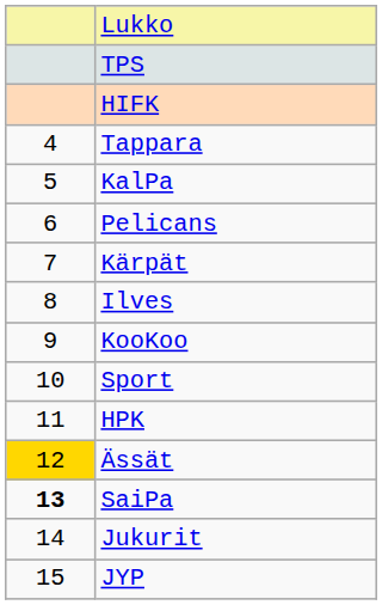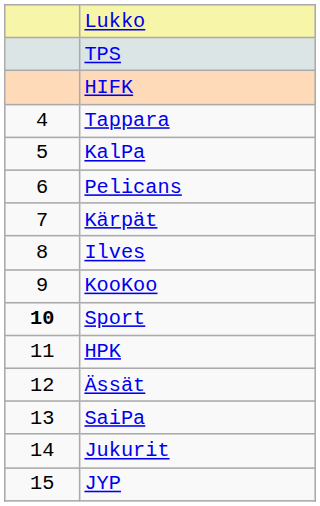 <table class="wikitable" style="width:200px;">
 <tr style="background:#F7F6A8;">
 <td align=center></td>
 <td><a href='#'>Lukko</a></td>
 </tr>
 <tr style="background:#DCE5E5;">
 <td align=center></td>
 <td><a href='#'>TPS</a></td>
 </tr>
 <tr style="background:#FFDAB9;">
 <td align=center></td>
 <td><a href='#'>HIFK</a></td>
 </tr>
 <tr>
 <td align=center>4</td>
 <td><a href='#'>Tappara</a></td>
 </tr>
 <tr>
 <td align=center>5</td>
 <td><a href='#'>KalPa</a></td>
 </tr>
 <tr>
 <td align=center>6</td>
 <td><a href='#'>Pelicans</a></td>
 </tr>
 <tr>
 <td align=center>7</td>
 <td><a href='#'>Kärpät</a></td>
 </tr>
 <tr>
 <td align=center>8</td>
 <td><a href='#'>Ilves</a></td>
 </tr>
 <tr>
 <td align=center>9</td>
 <td><a href='#'>KooKoo</a></td>
 </tr>
 <tr>
-<td align=center>10</td>
+<td align=center><strong>10</strong></td>
 <td><a href='#'>Sport</a></td>
 </tr>
 <tr>
 <td align=center>11</td>
 <td><a href='#'>HPK</a></td>
 </tr>
 <tr>
-<td align=center style="background: gold;">12</td>
+<td align=center>12</td>
 <td><a href='#'>Ässät</a></td>
 </tr>
 <tr>
-<td align=center><strong>13</strong></td>
+<td align=center>13</td>
 <td><a href='#'>SaiPa</a></td>
 </tr>
 <tr>
 <td align=center>14</td>
 <td><a href='#'>Jukurit</a></td>
 </tr>
 <tr>
 <td align=center>15</td>
 <td><a href='#'>JYP</a></td>
 </tr>
 </table>
